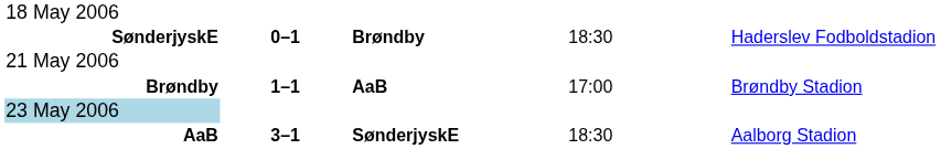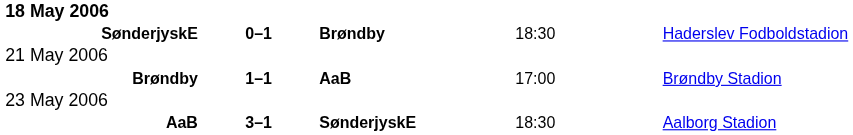 <table cellspacing="1" style="width:100%;">
 <tr>
 <th width=20%></th>
 <th width=12%></th>
 <th width=20%></th>
 <th></th>
 <th width=33%></th>
 </tr>
 <tr>
-<td>18 May 2006</td>
+<td><strong>18 May 2006</strong></td>
 </tr>
 <tr style=font-size:90%>
 <td align=right><strong>SønderjyskE</strong></td>
 <td align=center><strong>0–1</strong></td>
 <td><strong>Brøndby</strong></td>
 <td>18:30</td>
 <td><a href='#'>Haderslev Fodboldstadion</a></td>
 </tr>
 <tr>
 <td>21 May 2006</td>
 </tr>
 <tr style=font-size:90%>
 <td align=right><strong>Brøndby</strong></td>
 <td align=center><strong>1–1</strong></td>
 <td><strong>AaB</strong></td>
 <td>17:00</td>
 <td><a href='#'>Brøndby Stadion</a></td>
 </tr>
 <tr>
-<td style="background: lightblue;">23 May 2006</td>
+<td>23 May 2006</td>
 </tr>
 <tr style=font-size:90%>
 <td align=right><strong>AaB</strong></td>
 <td align=center><strong>3–1</strong></td>
 <td><strong>SønderjyskE</strong></td>
 <td>18:30</td>
 <td><a href='#'>Aalborg Stadion</a></td>
 </tr>
 </table>
